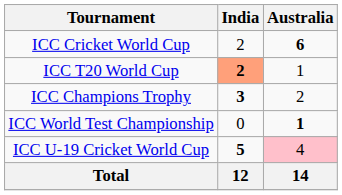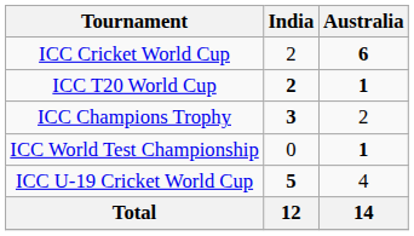 <table class="wikitable" " style="text-align:center">
 <tr>
 <th>Tournament</th>
 <th>India</th>
 <th>Australia</th>
 </tr>
 <tr>
 <td><a href='#'>ICC Cricket World Cup</a></td>
 <td>2</td>
 <td><strong>6</strong></td>
 </tr>
 <tr>
 <td><a href='#'>ICC T20 World Cup</a></td>
-<td style="background: lightsalmon;"><strong>2</strong></td>
-<td>1</td>
+<td><strong>2</strong></td>
+<td><strong>1</strong></td>
 </tr>
 <tr>
 <td><a href='#'>ICC Champions Trophy</a></td>
 <td><strong>3</strong></td>
 <td>2</td>
 </tr>
 <tr>
 <td><a href='#'>ICC World Test Championship</a></td>
 <td>0</td>
 <td><strong>1</strong></td>
 </tr>
 <tr>
 <td><a href='#'> ICC U-19 Cricket World Cup</a></td>
 <td><strong>5</strong></td>
-<td style="background: pink;">4</td>
+<td>4</td>
 </tr>
 <tr>
 <th>Total</th>
 <th>12</th>
 <th>14</th>
 </tr>
 <tr>
 </tr>
 </table>
